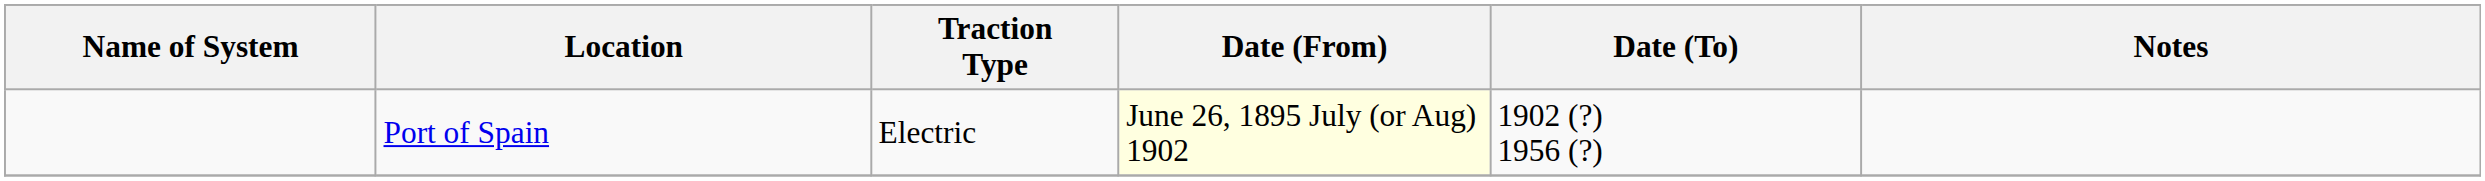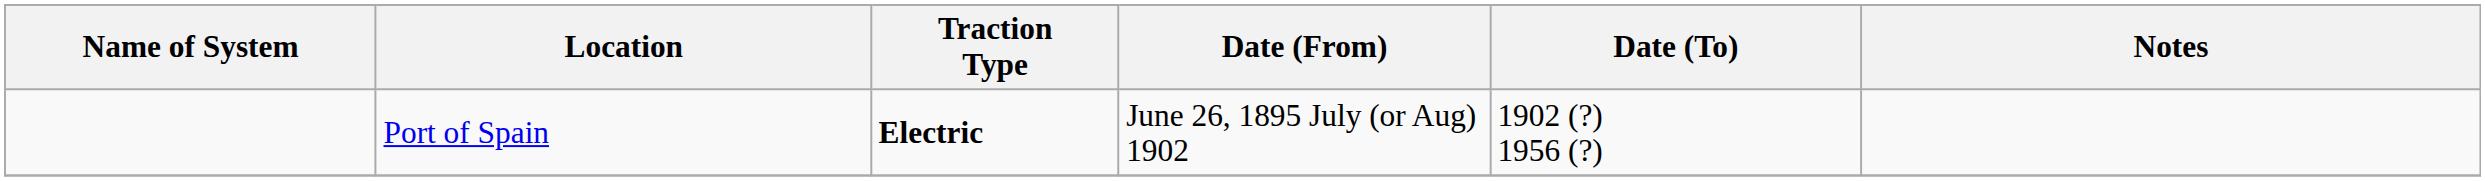 <table class="wikitable" width=100%>
 <tr>
 <th width=15%>Name of System</th>
 <th width=20%>Location</th>
 <th width=10%>Traction<br>Type</th>
 <th width=15%>Date (From)</th>
 <th width=15%>Date (To)</th>
 <th width=25%>Notes</th>
 </tr>
 <tr>
 <td> </td>
 <td><a href='#'>Port of Spain</a></td>
-<td>Electric</td>
-<td style="background: lightyellow;">June 26, 1895 July (or Aug) 1902</td>
+<td><strong>Electric</strong></td>
+<td>June 26, 1895 July (or Aug) 1902</td>
 <td>1902 (?)<br>1956 (?)</td>
 <td> </td>
 </tr>
 <tr>
 </tr>
 </table>
